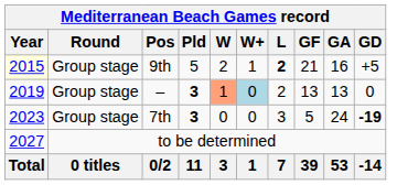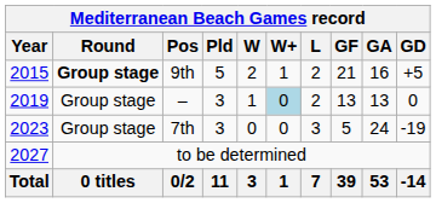 <table class="wikitable" style="text-align: center;">
 <tr>
 <th colspan=10><a href='#'>Mediterranean Beach Games</a> record</th>
 </tr>
 <tr>
 <th>Year</th>
 <th>Round</th>
 <th width=20>Pos</th>
 <th width=20>Pld</th>
 <th width=20>W</th>
 <th width=20>W+</th>
 <th width=20>L</th>
 <th width=20>GF</th>
 <th width=20>GA</th>
 <th width=20>GD</th>
 </tr>
 <tr>
-<td style="background: lightyellow;"> <a href='#'>2015</a></td>
-<td>Group stage</td>
+<td> <a href='#'>2015</a></td>
+<td><strong>Group stage</strong></td>
 <td>9th</td>
 <td>5</td>
 <td>2</td>
 <td>1</td>
-<td><strong>2</strong></td>
+<td>2</td>
 <td>21</td>
 <td>16</td>
 <td>+5</td>
 </tr>
 <tr>
 <td> <a href='#'>2019</a></td>
 <td>Group stage</td>
 <td>–</td>
-<td><strong>3</strong></td>
-<td style="background: lightsalmon;">1</td>
+<td>3</td>
+<td>1</td>
 <td style="background: lightblue;">0</td>
 <td>2</td>
 <td>13</td>
 <td>13</td>
 <td>0</td>
 </tr>
 <tr>
 <td> <a href='#'>2023</a></td>
 <td>Group stage</td>
 <td>7th</td>
-<td><strong>3</strong></td>
+<td>3</td>
 <td>0</td>
 <td>0</td>
 <td>3</td>
 <td>5</td>
 <td>24</td>
-<td><strong>-19</strong></td>
+<td>-19</td>
 </tr>
 <tr>
 <td> <a href='#'>2027</a></td>
 <td colspan=9>to be determined</td>
 </tr>
 <tr>
 <th>Total</th>
 <th>0 titles</th>
 <th>0/2</th>
 <th>11</th>
 <th>3</th>
 <th>1</th>
 <th>7</th>
 <th>39</th>
 <th>53</th>
 <th>-14</th>
 </tr>
 </table>
